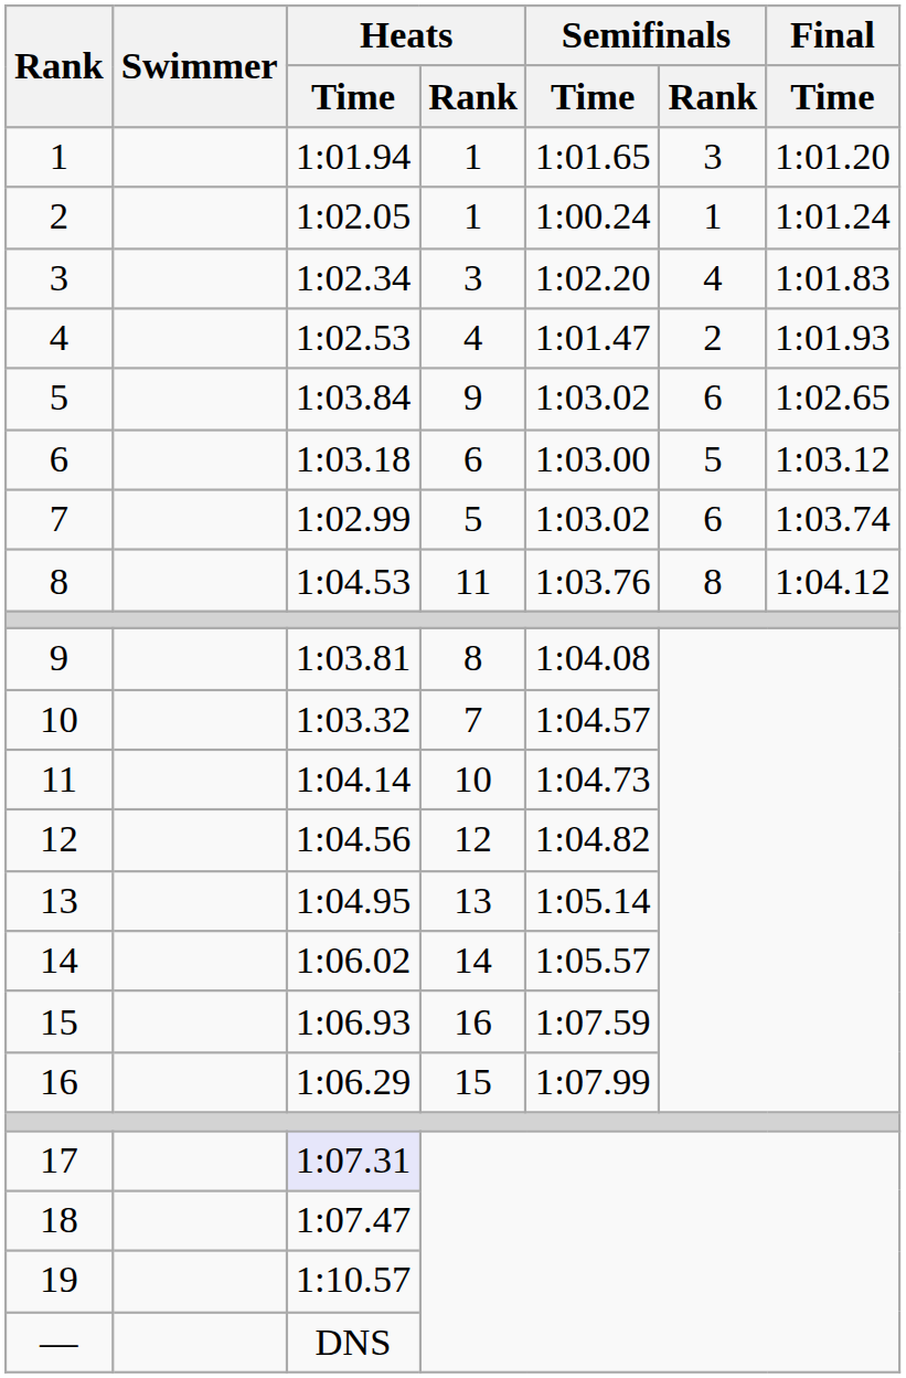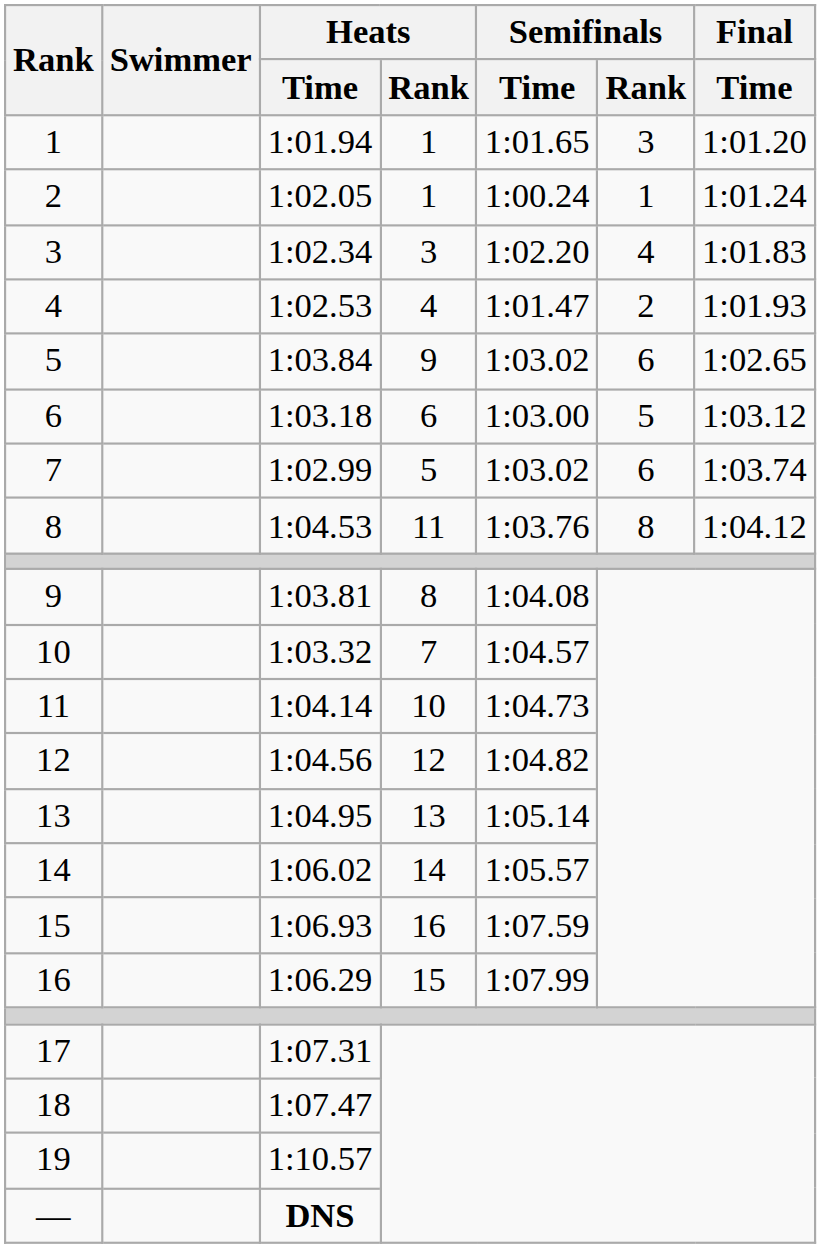 <table class="wikitable" style="text-align:center;">
 <tr>
 <th rowspan="2">Rank</th>
 <th rowspan="2">Swimmer</th>
 <th colspan="2">Heats</th>
 <th colspan="2">Semifinals</th>
 <th>Final</th>
 </tr>
 <tr>
 <th>Time</th>
 <th>Rank</th>
 <th>Time</th>
 <th>Rank</th>
 <th>Time</th>
 </tr>
 <tr>
 <td>1</td>
 <td align="left"></td>
 <td>1:01.94</td>
 <td>1</td>
 <td>1:01.65</td>
 <td>3</td>
 <td>1:01.20</td>
 </tr>
 <tr>
 <td>2</td>
 <td align="left"></td>
 <td>1:02.05</td>
 <td>1</td>
 <td>1:00.24</td>
 <td>1</td>
 <td>1:01.24</td>
 </tr>
 <tr>
 <td>3</td>
 <td align="left"></td>
 <td>1:02.34</td>
 <td>3</td>
 <td>1:02.20</td>
 <td>4</td>
 <td>1:01.83</td>
 </tr>
 <tr>
 <td>4</td>
 <td align="left"></td>
 <td>1:02.53</td>
 <td>4</td>
 <td>1:01.47</td>
 <td>2</td>
 <td>1:01.93</td>
 </tr>
 <tr>
 <td>5</td>
 <td align="left"></td>
 <td>1:03.84</td>
 <td>9</td>
 <td>1:03.02</td>
 <td>6</td>
 <td>1:02.65</td>
 </tr>
 <tr>
 <td>6</td>
 <td align="left"></td>
 <td>1:03.18</td>
 <td>6</td>
 <td>1:03.00</td>
 <td>5</td>
 <td>1:03.12</td>
 </tr>
 <tr>
 <td>7</td>
 <td align="left"></td>
 <td>1:02.99</td>
 <td>5</td>
 <td>1:03.02</td>
 <td>6</td>
 <td>1:03.74</td>
 </tr>
 <tr>
 <td>8</td>
 <td align="left"></td>
 <td>1:04.53</td>
 <td>11</td>
 <td>1:03.76</td>
 <td>8</td>
 <td>1:04.12</td>
 </tr>
 <tr>
 <td colspan=7 bgcolor=lightgray></td>
 </tr>
 <tr>
 <td>9</td>
 <td align="left"></td>
 <td>1:03.81</td>
 <td>8</td>
 <td>1:04.08</td>
 <td colspan="2" rowspan=8></td>
 </tr>
 <tr>
 <td>10</td>
 <td align="left"></td>
 <td>1:03.32</td>
 <td>7</td>
 <td>1:04.57</td>
 </tr>
 <tr>
 <td>11</td>
 <td align="left"></td>
 <td>1:04.14</td>
 <td>10</td>
 <td>1:04.73</td>
 </tr>
 <tr>
 <td>12</td>
 <td align="left"></td>
 <td>1:04.56</td>
 <td>12</td>
 <td>1:04.82</td>
 </tr>
 <tr>
 <td>13</td>
 <td align="left"></td>
 <td>1:04.95</td>
 <td>13</td>
 <td>1:05.14</td>
 </tr>
 <tr>
 <td>14</td>
 <td align="left"></td>
 <td>1:06.02</td>
 <td>14</td>
 <td>1:05.57</td>
 </tr>
 <tr>
 <td>15</td>
 <td align="left"></td>
 <td>1:06.93</td>
 <td>16</td>
 <td>1:07.59</td>
 </tr>
 <tr>
 <td>16</td>
 <td align="left"></td>
 <td>1:06.29</td>
 <td>15</td>
 <td>1:07.99</td>
 </tr>
 <tr>
 <td colspan=7 bgcolor=lightgray></td>
 </tr>
 <tr>
 <td>17</td>
 <td align="left"></td>
-<td style="background: lavender;">1:07.31</td>
+<td>1:07.31</td>
 <td colspan=4 rowspan=4></td>
 </tr>
 <tr>
 <td>18</td>
 <td align="left"></td>
 <td>1:07.47</td>
 </tr>
 <tr>
 <td>19</td>
 <td align="left"></td>
 <td>1:10.57</td>
 </tr>
 <tr>
 <td>—</td>
 <td align="left"></td>
-<td>DNS</td>
+<td><strong>DNS</strong></td>
 </tr>
 </table>
